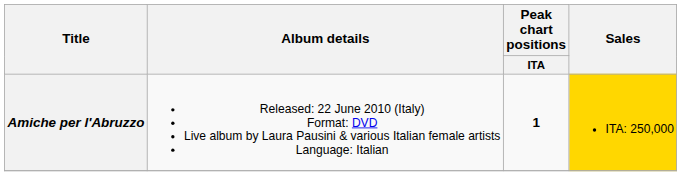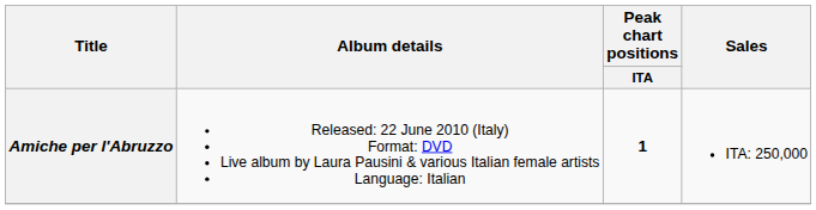 <table class="wikitable plainrowheaders" style="text-align:center;" border="1">
 <tr>
 <th scope="col" rowspan="2">Title</th>
 <th scope="col" rowspan="2">Album details</th>
 <th scope="col">Peak<br>chart<br>positions</th>
 <th scope="col" rowspan="2">Sales</th>
 </tr>
 <tr>
 <th scope="col" style="width:3em;font-size:85%;">ITA<br></th>
 </tr>
 <tr>
 <th scope="row"><em>Amiche per l'Abruzzo</em></th>
 <td style="font-size:90%;"><br><ul><li>Released: 22 June 2010 (Italy)</li><li>Format: <a href='#'>DVD</a></li><li>Live album by Laura Pausini & various Italian female artists</li><li>Language: Italian</li></ul></td>
 <td><strong>1</strong></td>
-<td style="background: gold; font-size:90%;"><br><ul><li>ITA: 250,000</li></ul></td>
+<td style="font-size:90%;"><br><ul><li>ITA: 250,000</li></ul></td>
 </tr>
 <tr>
 </tr>
 </table>
